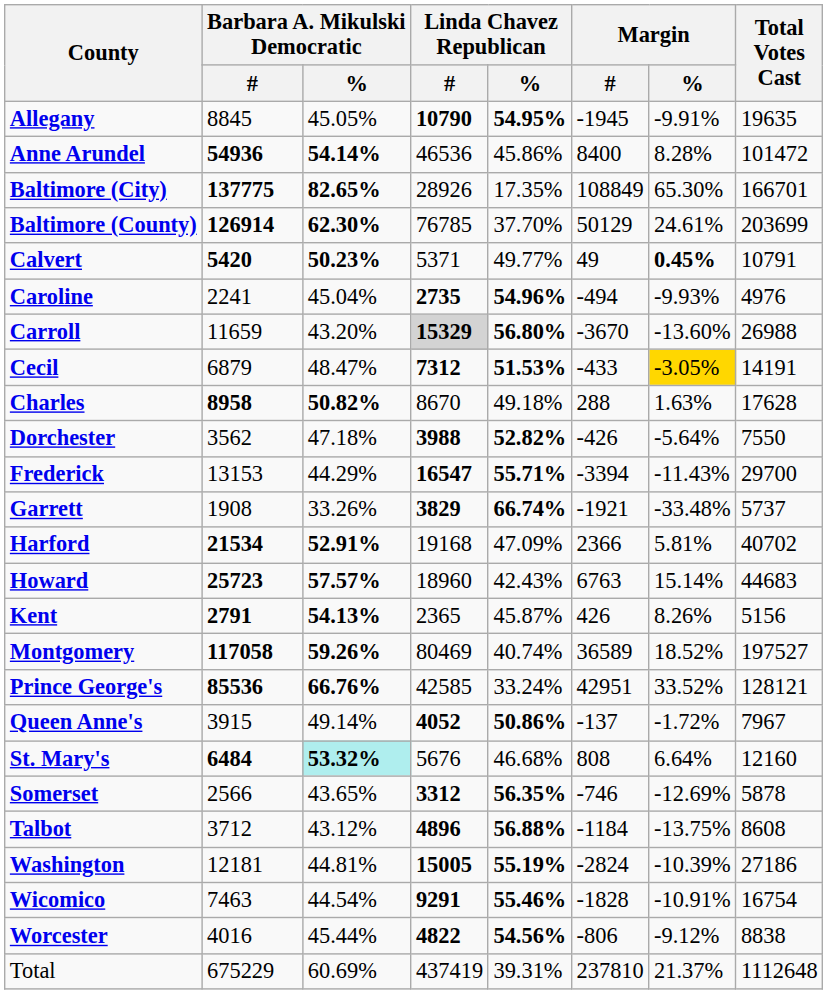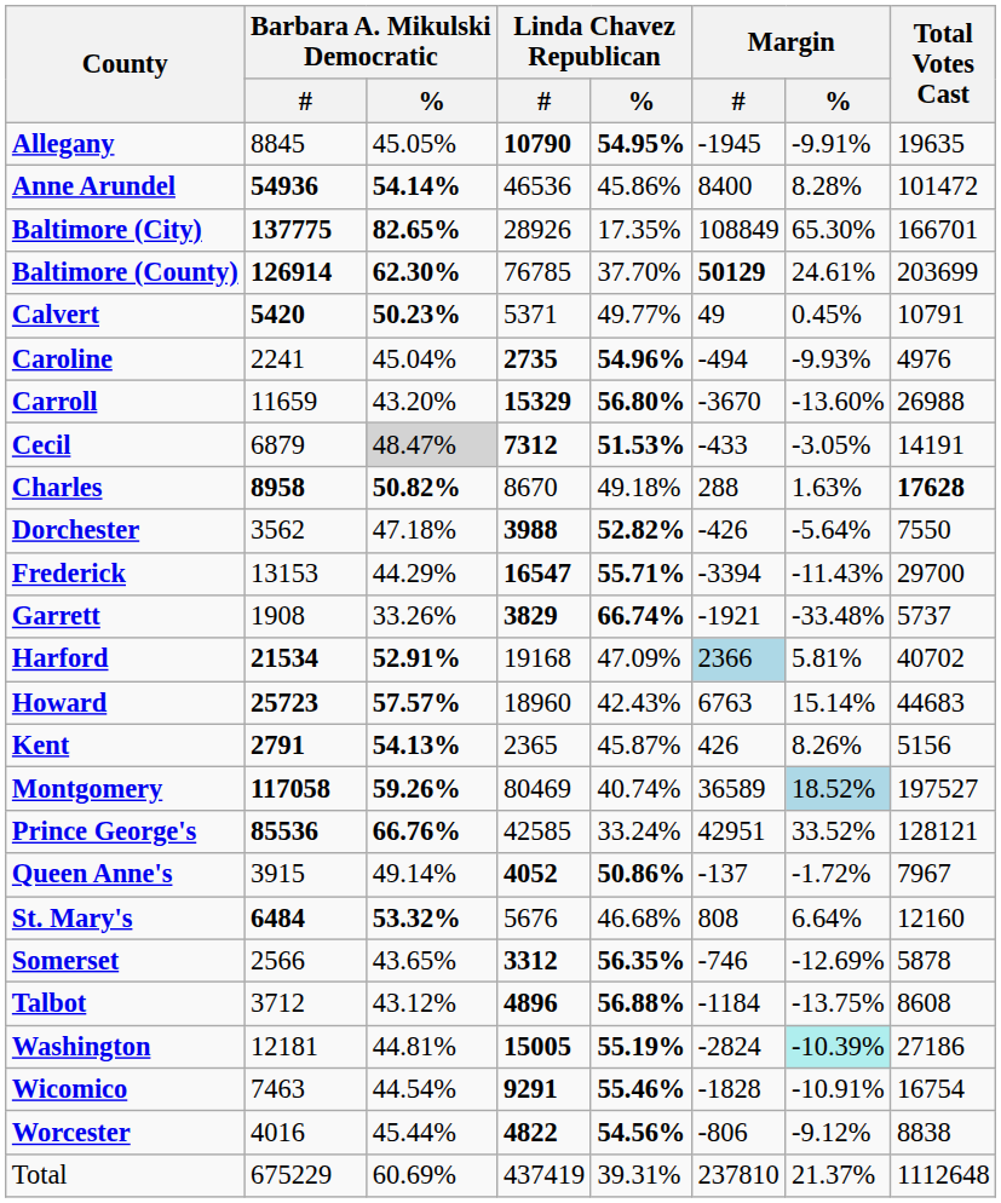 <table class="wikitable sortable">
 <tr>
 <th rowspan="2">County</th>
 <th colspan="2" >Barbara A. Mikulski<br>Democratic</th>
 <th colspan="2" >Linda Chavez<br>Republican</th>
 <th colspan="2">Margin</th>
 <th rowspan="2">Total<br>Votes<br>Cast</th>
 </tr>
 <tr>
 <th>#</th>
 <th>%</th>
 <th>#</th>
 <th>%</th>
 <th>#</th>
 <th>%</th>
 </tr>
 <tr>
 <td><strong><a href='#'>Allegany</a></strong></td>
 <td>8845</td>
 <td>45.05%</td>
 <td><strong>10790</strong></td>
 <td><strong>54.95%</strong></td>
 <td>-1945</td>
 <td>-9.91%</td>
 <td>19635</td>
 </tr>
 <tr>
 <td><strong><a href='#'>Anne Arundel</a></strong></td>
 <td><strong>54936</strong></td>
 <td><strong>54.14%</strong></td>
 <td>46536</td>
 <td>45.86%</td>
 <td>8400</td>
 <td>8.28%</td>
 <td>101472</td>
 </tr>
 <tr>
 <td><strong><a href='#'>Baltimore (City)</a></strong></td>
 <td><strong>137775</strong></td>
 <td><strong>82.65%</strong></td>
 <td>28926</td>
 <td>17.35%</td>
 <td>108849</td>
 <td>65.30%</td>
 <td>166701</td>
 </tr>
 <tr>
 <td><strong><a href='#'>Baltimore (County)</a></strong></td>
 <td><strong>126914</strong></td>
 <td><strong>62.30%</strong></td>
 <td>76785</td>
 <td>37.70%</td>
-<td>50129</td>
+<td><strong>50129</strong></td>
 <td>24.61%</td>
 <td>203699</td>
 </tr>
 <tr>
 <td><strong><a href='#'>Calvert</a></strong></td>
 <td><strong>5420</strong></td>
 <td><strong>50.23%</strong></td>
 <td>5371</td>
 <td>49.77%</td>
 <td>49</td>
-<td><strong>0.45%</strong></td>
+<td>0.45%</td>
 <td>10791</td>
 </tr>
 <tr>
 <td><strong><a href='#'>Caroline</a></strong></td>
 <td>2241</td>
 <td>45.04%</td>
 <td><strong>2735</strong></td>
 <td><strong>54.96%</strong></td>
 <td>-494</td>
 <td>-9.93%</td>
 <td>4976</td>
 </tr>
 <tr>
 <td><strong><a href='#'>Carroll</a></strong></td>
 <td>11659</td>
 <td>43.20%</td>
-<td style="background: lightgrey;"><strong>15329</strong></td>
+<td><strong>15329</strong></td>
 <td><strong>56.80%</strong></td>
 <td>-3670</td>
 <td>-13.60%</td>
 <td>26988</td>
 </tr>
 <tr>
 <td><strong><a href='#'>Cecil</a></strong></td>
 <td>6879</td>
-<td>48.47%</td>
+<td style="background: lightgrey;">48.47%</td>
 <td><strong>7312</strong></td>
 <td><strong>51.53%</strong></td>
 <td>-433</td>
-<td style="background: gold;">-3.05%</td>
+<td>-3.05%</td>
 <td>14191</td>
 </tr>
 <tr>
 <td><strong><a href='#'>Charles</a></strong></td>
 <td><strong>8958</strong></td>
 <td><strong>50.82%</strong></td>
 <td>8670</td>
 <td>49.18%</td>
 <td>288</td>
 <td>1.63%</td>
-<td>17628</td>
+<td><strong>17628</strong></td>
 </tr>
 <tr>
 <td><strong><a href='#'>Dorchester</a></strong></td>
 <td>3562</td>
 <td>47.18%</td>
 <td><strong>3988</strong></td>
 <td><strong>52.82%</strong></td>
 <td>-426</td>
 <td>-5.64%</td>
 <td>7550</td>
 </tr>
 <tr>
 <td><strong><a href='#'>Frederick</a></strong></td>
 <td>13153</td>
 <td>44.29%</td>
 <td><strong>16547</strong></td>
 <td><strong>55.71%</strong></td>
 <td>-3394</td>
 <td>-11.43%</td>
 <td>29700</td>
 </tr>
 <tr>
 <td><strong><a href='#'>Garrett</a></strong></td>
 <td>1908</td>
 <td>33.26%</td>
 <td><strong>3829</strong></td>
 <td><strong>66.74%</strong></td>
 <td>-1921</td>
 <td>-33.48%</td>
 <td>5737</td>
 </tr>
 <tr>
 <td><strong><a href='#'>Harford</a></strong></td>
 <td><strong>21534</strong></td>
 <td><strong>52.91%</strong></td>
 <td>19168</td>
 <td>47.09%</td>
-<td>2366</td>
+<td style="background: lightblue;">2366</td>
 <td>5.81%</td>
 <td>40702</td>
 </tr>
 <tr>
 <td><strong><a href='#'>Howard</a></strong></td>
 <td><strong>25723</strong></td>
 <td><strong>57.57%</strong></td>
 <td>18960</td>
 <td>42.43%</td>
 <td>6763</td>
 <td>15.14%</td>
 <td>44683</td>
 </tr>
 <tr>
 <td><strong><a href='#'>Kent</a></strong></td>
 <td><strong>2791</strong></td>
 <td><strong>54.13%</strong></td>
 <td>2365</td>
 <td>45.87%</td>
 <td>426</td>
 <td>8.26%</td>
 <td>5156</td>
 </tr>
 <tr>
 <td><strong><a href='#'>Montgomery</a></strong></td>
 <td><strong>117058</strong></td>
 <td><strong>59.26%</strong></td>
 <td>80469</td>
 <td>40.74%</td>
 <td>36589</td>
-<td>18.52%</td>
+<td style="background: lightblue;">18.52%</td>
 <td>197527</td>
 </tr>
 <tr>
 <td><strong><a href='#'>Prince George's</a></strong></td>
 <td><strong>85536</strong></td>
 <td><strong>66.76%</strong></td>
 <td>42585</td>
 <td>33.24%</td>
 <td>42951</td>
 <td>33.52%</td>
 <td>128121</td>
 </tr>
 <tr>
 <td><strong><a href='#'>Queen Anne's</a></strong></td>
 <td>3915</td>
 <td>49.14%</td>
 <td><strong>4052</strong></td>
 <td><strong>50.86%</strong></td>
 <td>-137</td>
 <td>-1.72%</td>
 <td>7967</td>
 </tr>
 <tr>
 <td><strong><a href='#'>St. Mary's</a></strong></td>
 <td><strong>6484</strong></td>
-<td style="background: paleturquoise;"><strong>53.32%</strong></td>
+<td><strong>53.32%</strong></td>
 <td>5676</td>
 <td>46.68%</td>
 <td>808</td>
 <td>6.64%</td>
 <td>12160</td>
 </tr>
 <tr>
 <td><strong><a href='#'>Somerset</a></strong></td>
 <td>2566</td>
 <td>43.65%</td>
 <td><strong>3312</strong></td>
 <td><strong>56.35%</strong></td>
 <td>-746</td>
 <td>-12.69%</td>
 <td>5878</td>
 </tr>
 <tr>
 <td><strong><a href='#'>Talbot</a></strong></td>
 <td>3712</td>
 <td>43.12%</td>
 <td><strong>4896</strong></td>
 <td><strong>56.88%</strong></td>
 <td>-1184</td>
 <td>-13.75%</td>
 <td>8608</td>
 </tr>
 <tr>
 <td><strong><a href='#'>Washington</a></strong></td>
 <td>12181</td>
 <td>44.81%</td>
 <td><strong>15005</strong></td>
 <td><strong>55.19%</strong></td>
 <td>-2824</td>
-<td>-10.39%</td>
+<td style="background: paleturquoise;">-10.39%</td>
 <td>27186</td>
 </tr>
 <tr>
 <td><strong><a href='#'>Wicomico</a></strong></td>
 <td>7463</td>
 <td>44.54%</td>
 <td><strong>9291</strong></td>
 <td><strong>55.46%</strong></td>
 <td>-1828</td>
 <td>-10.91%</td>
 <td>16754</td>
 </tr>
 <tr>
 <td><strong><a href='#'>Worcester</a></strong></td>
 <td>4016</td>
 <td>45.44%</td>
 <td><strong>4822</strong></td>
 <td><strong>54.56%</strong></td>
 <td>-806</td>
 <td>-9.12%</td>
 <td>8838</td>
 </tr>
 <tr>
 <td>Total</td>
 <td>675229</td>
 <td>60.69%</td>
 <td>437419</td>
 <td>39.31%</td>
 <td>237810</td>
 <td>21.37%</td>
 <td>1112648</td>
 </tr>
 </table>
